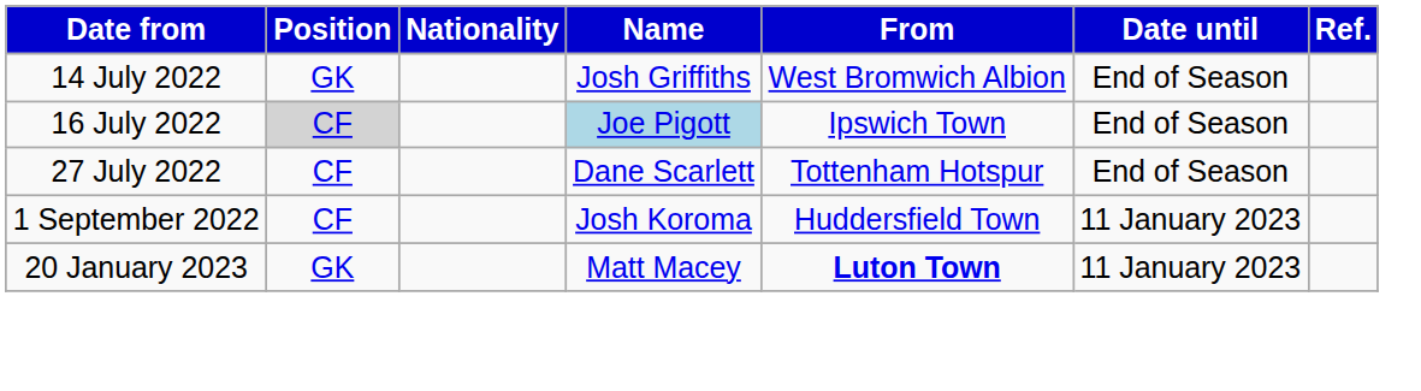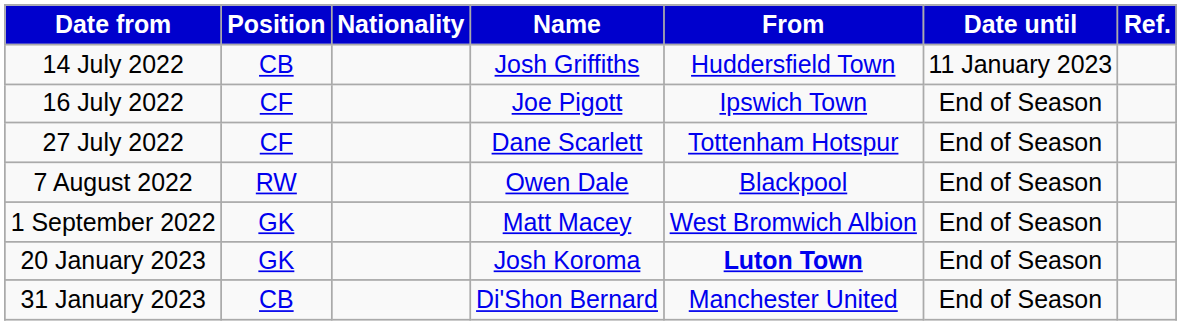 <table class="wikitable"  style="text-align:center; font-size:90%; ">
 <tr>
 <th style="background:mediumblue;color:white;">Date from</th>
 <th style="background:mediumblue;color:white;">Position</th>
 <th style="background:mediumblue;color:white;">Nationality</th>
 <th style="background:mediumblue;color:white;">Name</th>
 <th style="background:mediumblue;color:white;">From</th>
 <th style="background:mediumblue;color:white;">Date until</th>
 <th style="background:mediumblue;color:white;">Ref.</th>
 </tr>
 <tr>
 <td>14 July 2022</td>
-<td><a href='#'>GK</a></td>
+<td><a href='#'>CB</a></td>
 <td></td>
 <td><a href='#'>Josh Griffiths</a></td>
-<td> <a href='#'>West Bromwich Albion</a></td>
-<td>End of Season</td>
+<td> <a href='#'>Huddersfield Town</a></td>
+<td>11 January 2023</td>
 <td></td>
 </tr>
 <tr>
 <td>16 July 2022</td>
-<td style="background: lightgrey;"><a href='#'>CF</a></td>
+<td><a href='#'>CF</a></td>
 <td></td>
-<td style="background: lightblue;"><a href='#'>Joe Pigott</a></td>
+<td><a href='#'>Joe Pigott</a></td>
 <td> <a href='#'>Ipswich Town</a></td>
 <td>End of Season</td>
 <td></td>
 </tr>
 <tr>
 <td>27 July 2022</td>
 <td><a href='#'>CF</a></td>
 <td></td>
 <td><a href='#'>Dane Scarlett</a></td>
 <td> <a href='#'>Tottenham Hotspur</a></td>
 <td>End of Season</td>
 <td></td>
 </tr>
 <tr>
+<td>7 August 2022</td>
+<td><a href='#'>RW</a></td>
+<td></td>
+<td><a href='#'>Owen Dale</a></td>
+<td> <a href='#'>Blackpool</a></td>
+<td>End of Season</td>
+<td></td>
+</tr>
+<tr>
 <td>1 September 2022</td>
-<td><a href='#'>CF</a></td>
+<td><a href='#'>GK</a></td>
 <td></td>
-<td><a href='#'>Josh Koroma</a></td>
-<td> <a href='#'>Huddersfield Town</a></td>
-<td>11 January 2023</td>
+<td><a href='#'>Matt Macey</a></td>
+<td> <a href='#'>West Bromwich Albion</a></td>
+<td>End of Season</td>
 <td></td>
 </tr>
 <tr>
 <td>20 January 2023</td>
 <td><a href='#'>GK</a></td>
 <td></td>
-<td><a href='#'>Matt Macey</a></td>
+<td><a href='#'>Josh Koroma</a></td>
 <td><strong> <a href='#'>Luton Town</a></strong></td>
-<td>11 January 2023</td>
+<td>End of Season</td>
+<td></td>
+</tr>
+<tr>
+<td>31 January 2023</td>
+<td><a href='#'>CB</a></td>
+<td></td>
+<td><a href='#'>Di'Shon Bernard</a></td>
+<td> <a href='#'>Manchester United</a></td>
+<td>End of Season</td>
 <td></td>
 </tr>
 </table>
